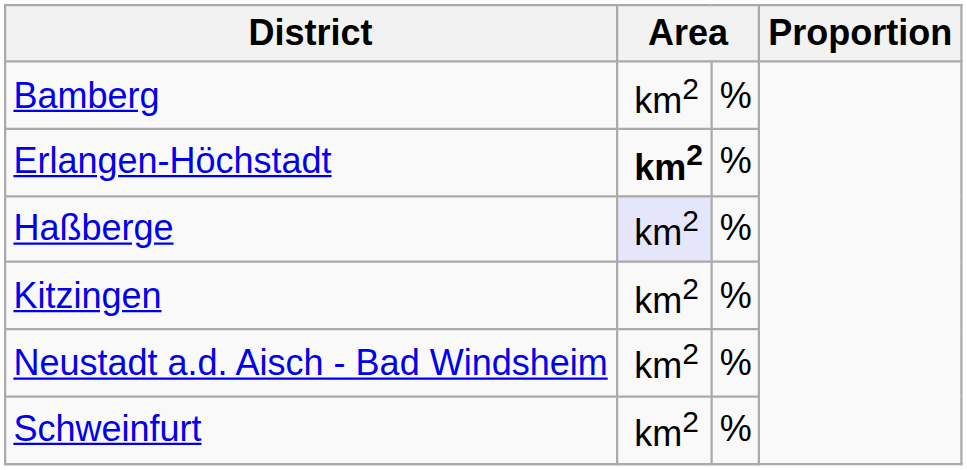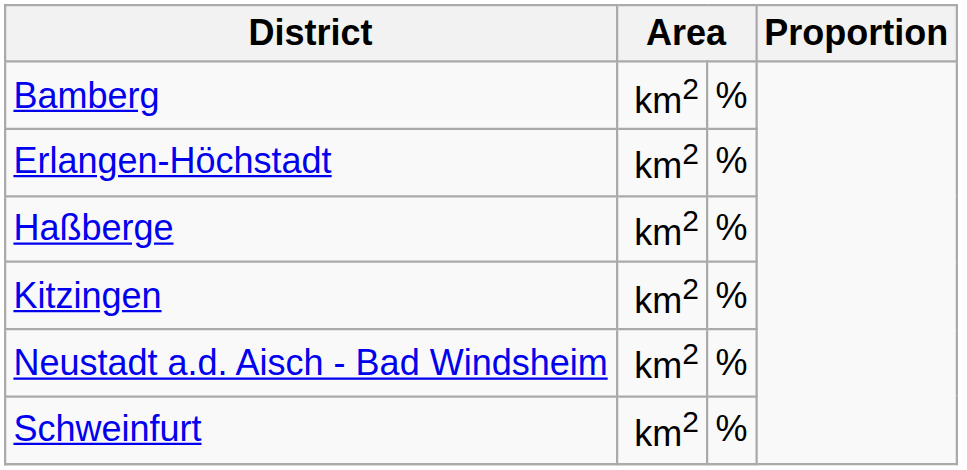 <table class="wikitable sortable">
 <tr>
 <th>District</th>
 <th colspan=2>Area</th>
 <th colspan=2>Proportion</th>
 </tr>
 <tr>
 <td><a href='#'>Bamberg</a></td>
 <td> km<sup>2</sup></td>
 <td>%</td>
 </tr>
 <tr>
 <td><a href='#'>Erlangen-Höchstadt</a></td>
-<td><strong> km<sup>2</sup></strong></td>
+<td> km<sup>2</sup></td>
 <td>%</td>
 </tr>
 <tr>
 <td><a href='#'>Haßberge</a></td>
-<td style="background: lavender;"> km<sup>2</sup></td>
+<td> km<sup>2</sup></td>
 <td>%</td>
 </tr>
 <tr>
 <td><a href='#'>Kitzingen</a></td>
 <td> km<sup>2</sup></td>
 <td>%</td>
 </tr>
 <tr>
 <td><a href='#'>Neustadt a.d. Aisch - Bad Windsheim</a></td>
 <td> km<sup>2</sup></td>
 <td>%</td>
 </tr>
 <tr>
 <td><a href='#'>Schweinfurt</a></td>
 <td> km<sup>2</sup></td>
 <td>%</td>
 </tr>
 <tr>
 </tr>
 </table>
